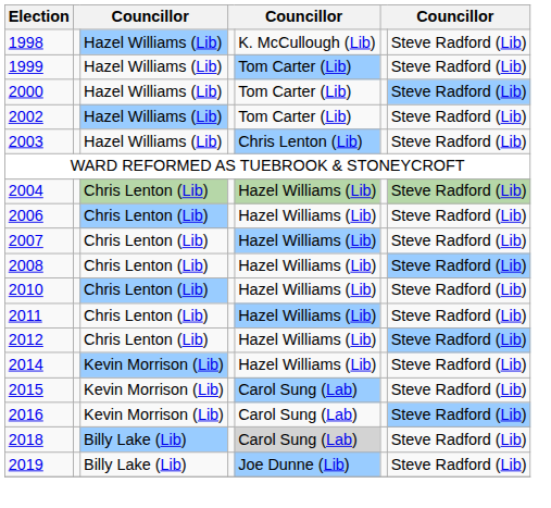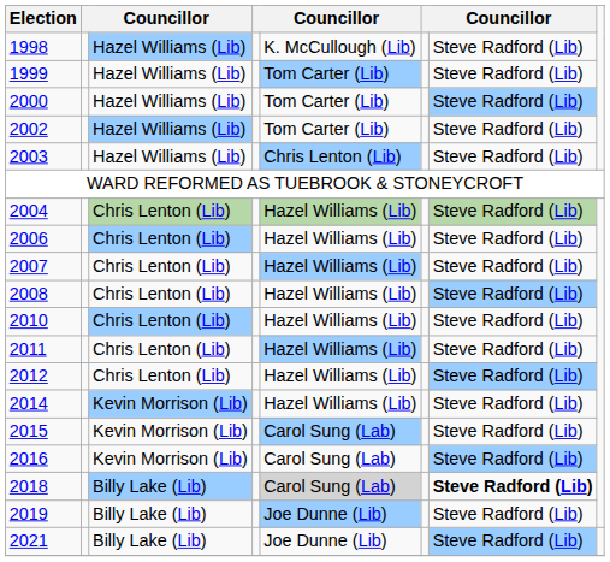 <table class="wikitable">
 <tr>
 <th>Election</th>
 <th colspan="2">Councillor</th>
 <th colspan="2">Councillor</th>
 <th colspan="2">Councillor</th>
 </tr>
 <tr>
 <td><a href='#'>1998</a></td>
 <td style="background-color: "></td>
 <td bgcolor="#99CCFF">Hazel Williams (<a href='#'>Lib</a>)</td>
 <td style="background-color: "></td>
 <td>K. McCullough (<a href='#'>Lib</a>)</td>
 <td style="background-color: "></td>
 <td>Steve Radford (<a href='#'>Lib</a>)</td>
 </tr>
 <tr>
 <td><a href='#'>1999</a></td>
 <td style="background-color: "></td>
 <td>Hazel Williams (<a href='#'>Lib</a>)</td>
 <td style="background-color: "></td>
 <td bgcolor="#99CCFF">Tom Carter (<a href='#'>Lib</a>)</td>
 <td style="background-color: "></td>
 <td>Steve Radford (<a href='#'>Lib</a>)</td>
 </tr>
 <tr>
 <td><a href='#'>2000</a></td>
 <td style="background-color: "></td>
 <td>Hazel Williams (<a href='#'>Lib</a>)</td>
 <td style="background-color: "></td>
 <td>Tom Carter (<a href='#'>Lib</a>)</td>
 <td style="background-color: "></td>
 <td bgcolor="#99CCFF">Steve Radford (<a href='#'>Lib</a>)</td>
 </tr>
 <tr>
 <td><a href='#'>2002</a></td>
 <td style="background-color: "></td>
 <td bgcolor="#99CCFF">Hazel Williams (<a href='#'>Lib</a>)</td>
 <td style="background-color: "></td>
 <td>Tom Carter (<a href='#'>Lib</a>)</td>
 <td style="background-color: "></td>
 <td>Steve Radford (<a href='#'>Lib</a>)</td>
 </tr>
 <tr>
 <td><a href='#'>2003</a></td>
 <td style="background-color: "></td>
 <td>Hazel Williams (<a href='#'>Lib</a>)</td>
 <td style="background-color: "></td>
 <td bgcolor="#99CCFF">Chris Lenton (<a href='#'>Lib</a>)</td>
 <td style="background-color: "></td>
 <td>Steve Radford (<a href='#'>Lib</a>)</td>
 </tr>
 <tr>
 <td colspan="8" bgcolor="#FFF" style="text-align: center;">WARD REFORMED AS TUEBROOK & STONEYCROFT</td>
 </tr>
 <tr>
 <td><a href='#'>2004</a></td>
 <td style="background-color: "></td>
 <td bgcolor="#B6D7A8">Chris Lenton (<a href='#'>Lib</a>)</td>
 <td style="background-color: "></td>
 <td bgcolor="#B6D7A8">Hazel Williams (<a href='#'>Lib</a>)</td>
 <td style="background-color: "></td>
 <td bgcolor="#B6D7A8">Steve Radford (<a href='#'>Lib</a>)</td>
 </tr>
 <tr>
 <td><a href='#'>2006</a></td>
 <td style="background-color: "></td>
 <td bgcolor="#99CCFF">Chris Lenton (<a href='#'>Lib</a>)</td>
 <td style="background-color: "></td>
 <td>Hazel Williams (<a href='#'>Lib</a>)</td>
 <td style="background-color: "></td>
 <td>Steve Radford (<a href='#'>Lib</a>)</td>
 </tr>
 <tr>
 <td><a href='#'>2007</a></td>
 <td style="background-color: "></td>
 <td>Chris Lenton (<a href='#'>Lib</a>)</td>
 <td style="background-color: "></td>
 <td bgcolor="#99CCFF">Hazel Williams (<a href='#'>Lib</a>)</td>
 <td style="background-color: "></td>
 <td>Steve Radford (<a href='#'>Lib</a>)</td>
 </tr>
 <tr>
 <td><a href='#'>2008</a></td>
 <td style="background-color: "></td>
 <td>Chris Lenton (<a href='#'>Lib</a>)</td>
 <td style="background-color: "></td>
 <td>Hazel Williams (<a href='#'>Lib</a>)</td>
 <td style="background-color: "></td>
 <td bgcolor="#99CCFF">Steve Radford (<a href='#'>Lib</a>)</td>
 </tr>
 <tr>
 <td><a href='#'>2010</a></td>
 <td style="background-color: "></td>
 <td bgcolor="#99CCFF">Chris Lenton (<a href='#'>Lib</a>)</td>
 <td style="background-color: "></td>
 <td>Hazel Williams (<a href='#'>Lib</a>)</td>
 <td style="background-color: "></td>
 <td>Steve Radford (<a href='#'>Lib</a>)</td>
 </tr>
 <tr>
 <td><a href='#'>2011</a></td>
 <td style="background-color: "></td>
 <td>Chris Lenton (<a href='#'>Lib</a>)</td>
 <td style="background-color: "></td>
 <td bgcolor="#99CCFF">Hazel Williams (<a href='#'>Lib</a>)</td>
 <td style="background-color: "></td>
 <td>Steve Radford (<a href='#'>Lib</a>)</td>
 </tr>
 <tr>
 <td><a href='#'>2012</a></td>
 <td style="background-color: "></td>
 <td>Chris Lenton (<a href='#'>Lib</a>)</td>
 <td style="background-color: "></td>
 <td>Hazel Williams (<a href='#'>Lib</a>)</td>
 <td style="background-color: "></td>
 <td bgcolor="#99CCFF">Steve Radford (<a href='#'>Lib</a>)</td>
 </tr>
 <tr>
 <td><a href='#'>2014</a></td>
 <td style="background-color: "></td>
 <td bgcolor="#99CCFF">Kevin Morrison (<a href='#'>Lib</a>)</td>
 <td style="background-color: "></td>
 <td>Hazel Williams (<a href='#'>Lib</a>)</td>
 <td style="background-color: "></td>
 <td>Steve Radford (<a href='#'>Lib</a>)</td>
 </tr>
 <tr>
 <td><a href='#'>2015</a></td>
 <td style="background-color: "></td>
 <td>Kevin Morrison (<a href='#'>Lib</a>)</td>
 <td style="background-color: "></td>
 <td bgcolor="#99CCFF">Carol Sung (<a href='#'>Lab</a>)</td>
 <td style="background-color: "></td>
 <td>Steve Radford (<a href='#'>Lib</a>)</td>
 </tr>
 <tr>
 <td><a href='#'>2016</a></td>
 <td style="background-color: "></td>
 <td>Kevin Morrison (<a href='#'>Lib</a>)</td>
 <td style="background-color: "></td>
 <td>Carol Sung (<a href='#'>Lab</a>)</td>
 <td style="background-color: "></td>
 <td bgcolor="#99CCFF">Steve Radford (<a href='#'>Lib</a>)</td>
 </tr>
 <tr>
 <td><a href='#'>2018</a></td>
 <td style="background-color: "></td>
 <td bgcolor="#99CCFF">Billy Lake (<a href='#'>Lib</a>)</td>
 <td style="background-color: "></td>
 <td style="background: lightgrey;">Carol Sung (<a href='#'>Lab</a>)</td>
 <td style="background-color: "></td>
-<td>Steve Radford (<a href='#'>Lib</a>)</td>
+<td><strong>Steve Radford (<a href='#'>Lib</a>)</strong></td>
 </tr>
 <tr>
 <td><a href='#'>2019</a></td>
 <td style="background-color: "></td>
 <td>Billy Lake (<a href='#'>Lib</a>)</td>
 <td style="background-color: "></td>
 <td bgcolor="#99CCFF">Joe Dunne (<a href='#'>Lib</a>)</td>
 <td style="background-color: "></td>
 <td>Steve Radford (<a href='#'>Lib</a>)</td>
 </tr>
 <tr>
+<td><a href='#'>2021</a></td>
+<td style="background-color: "></td>
+<td>Billy Lake (<a href='#'>Lib</a>)</td>
+<td style="background-color: "></td>
+<td>Joe Dunne (<a href='#'>Lib</a>)</td>
+<td style="background-color: "></td>
+<td bgcolor="#99CCFF">Steve Radford (<a href='#'>Lib</a>)</td>
+<td></td>
+</tr>
+<tr>
 </tr>
 </table>
